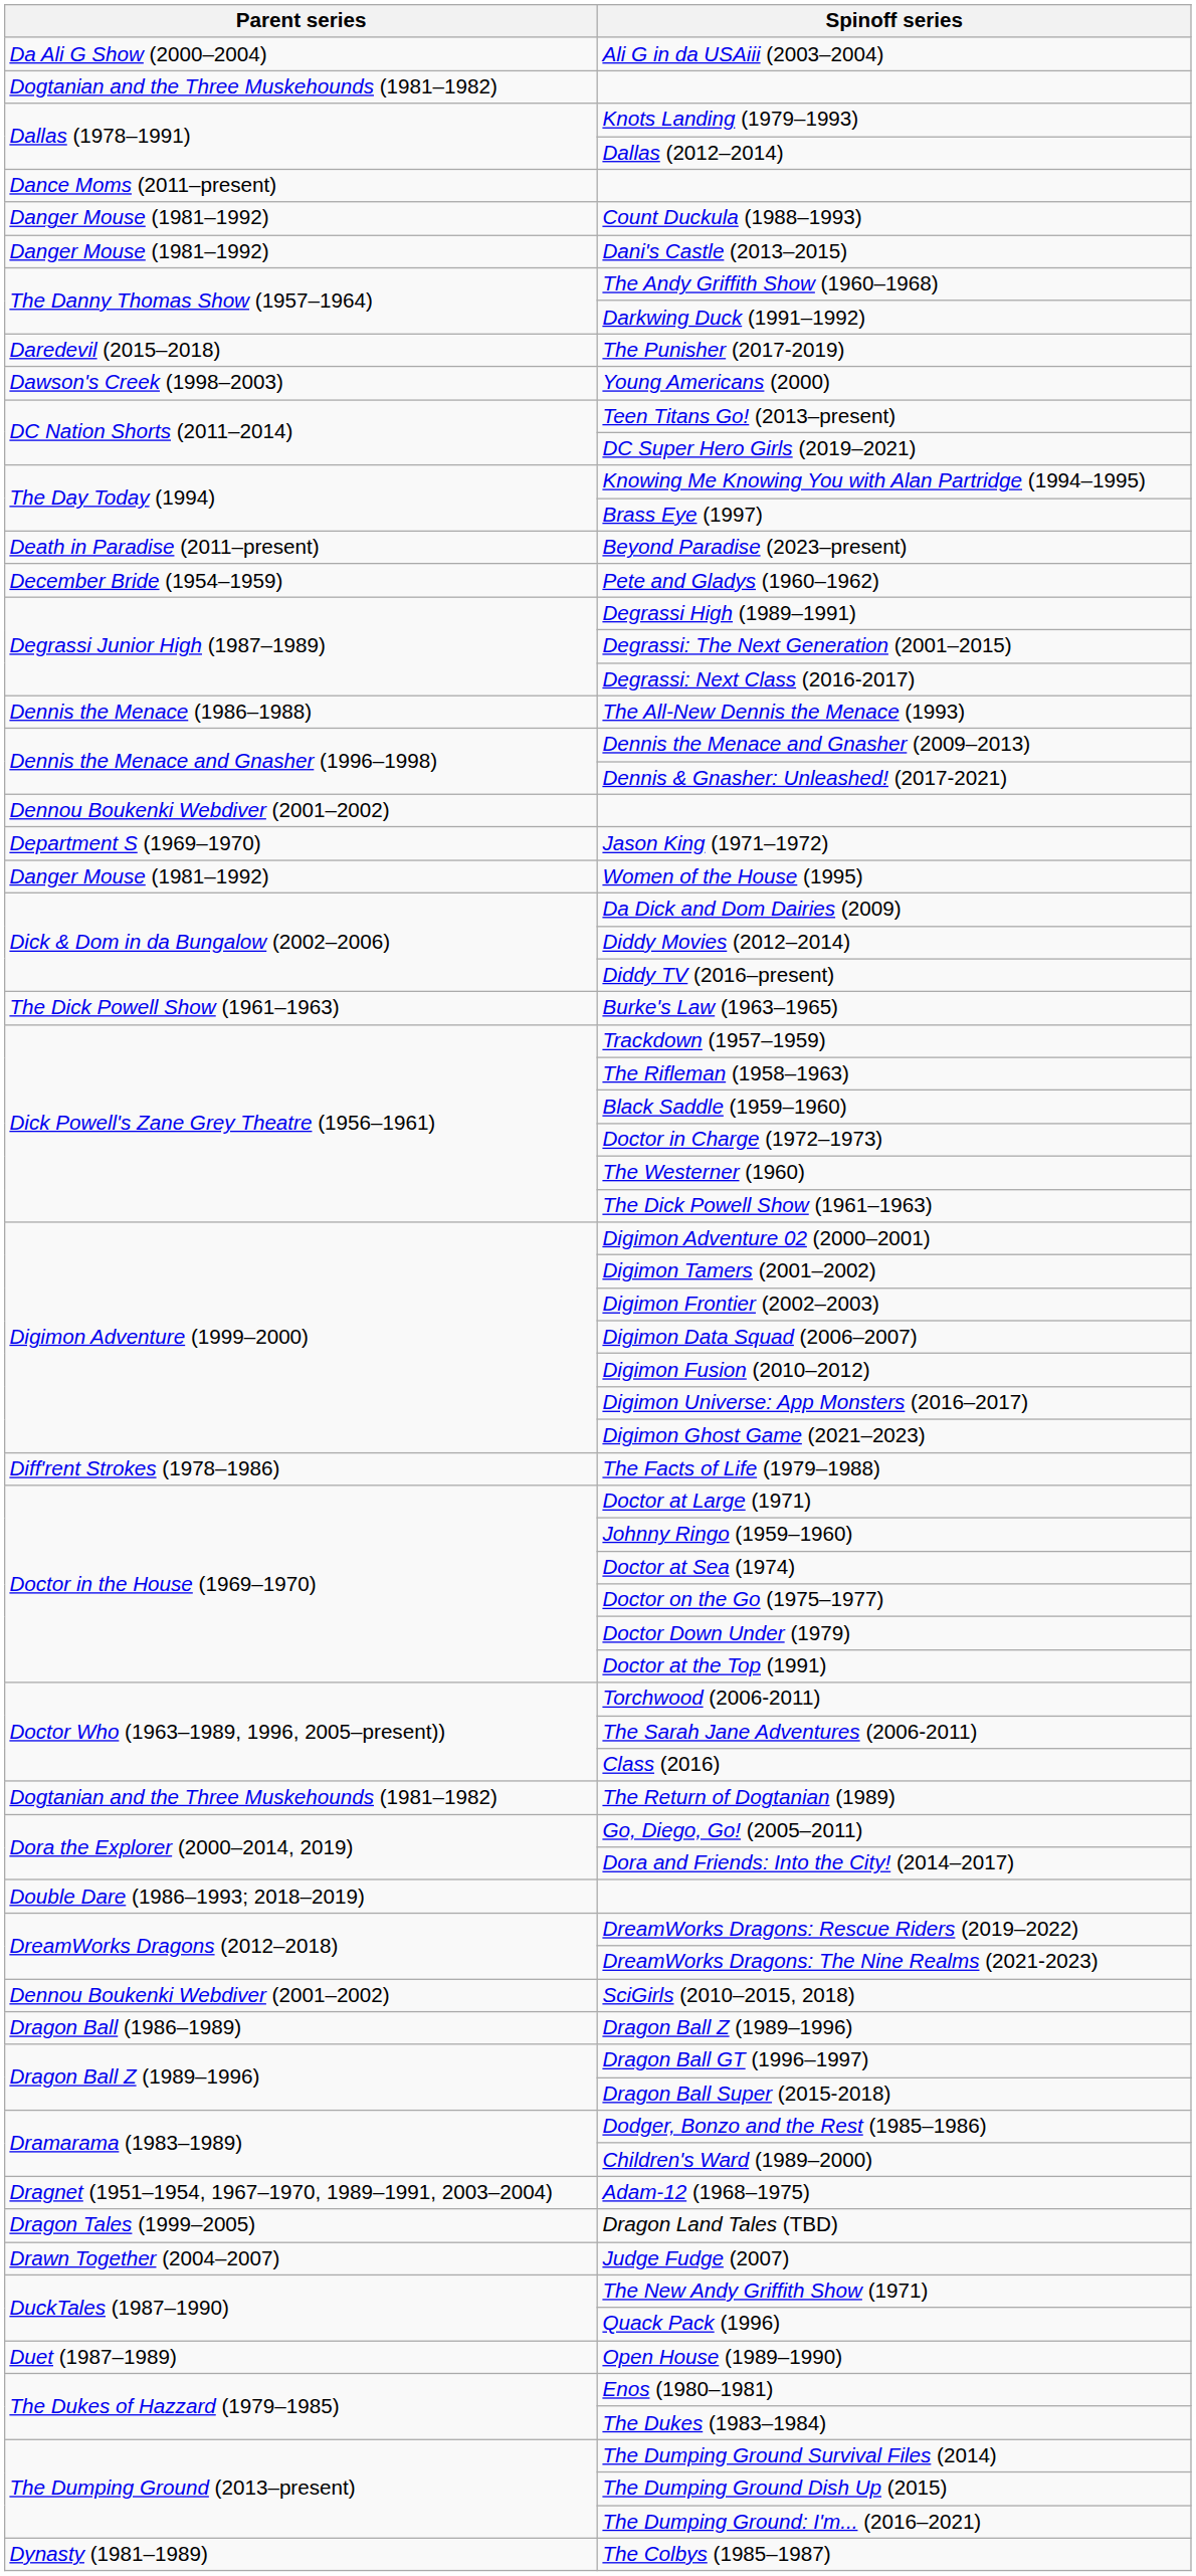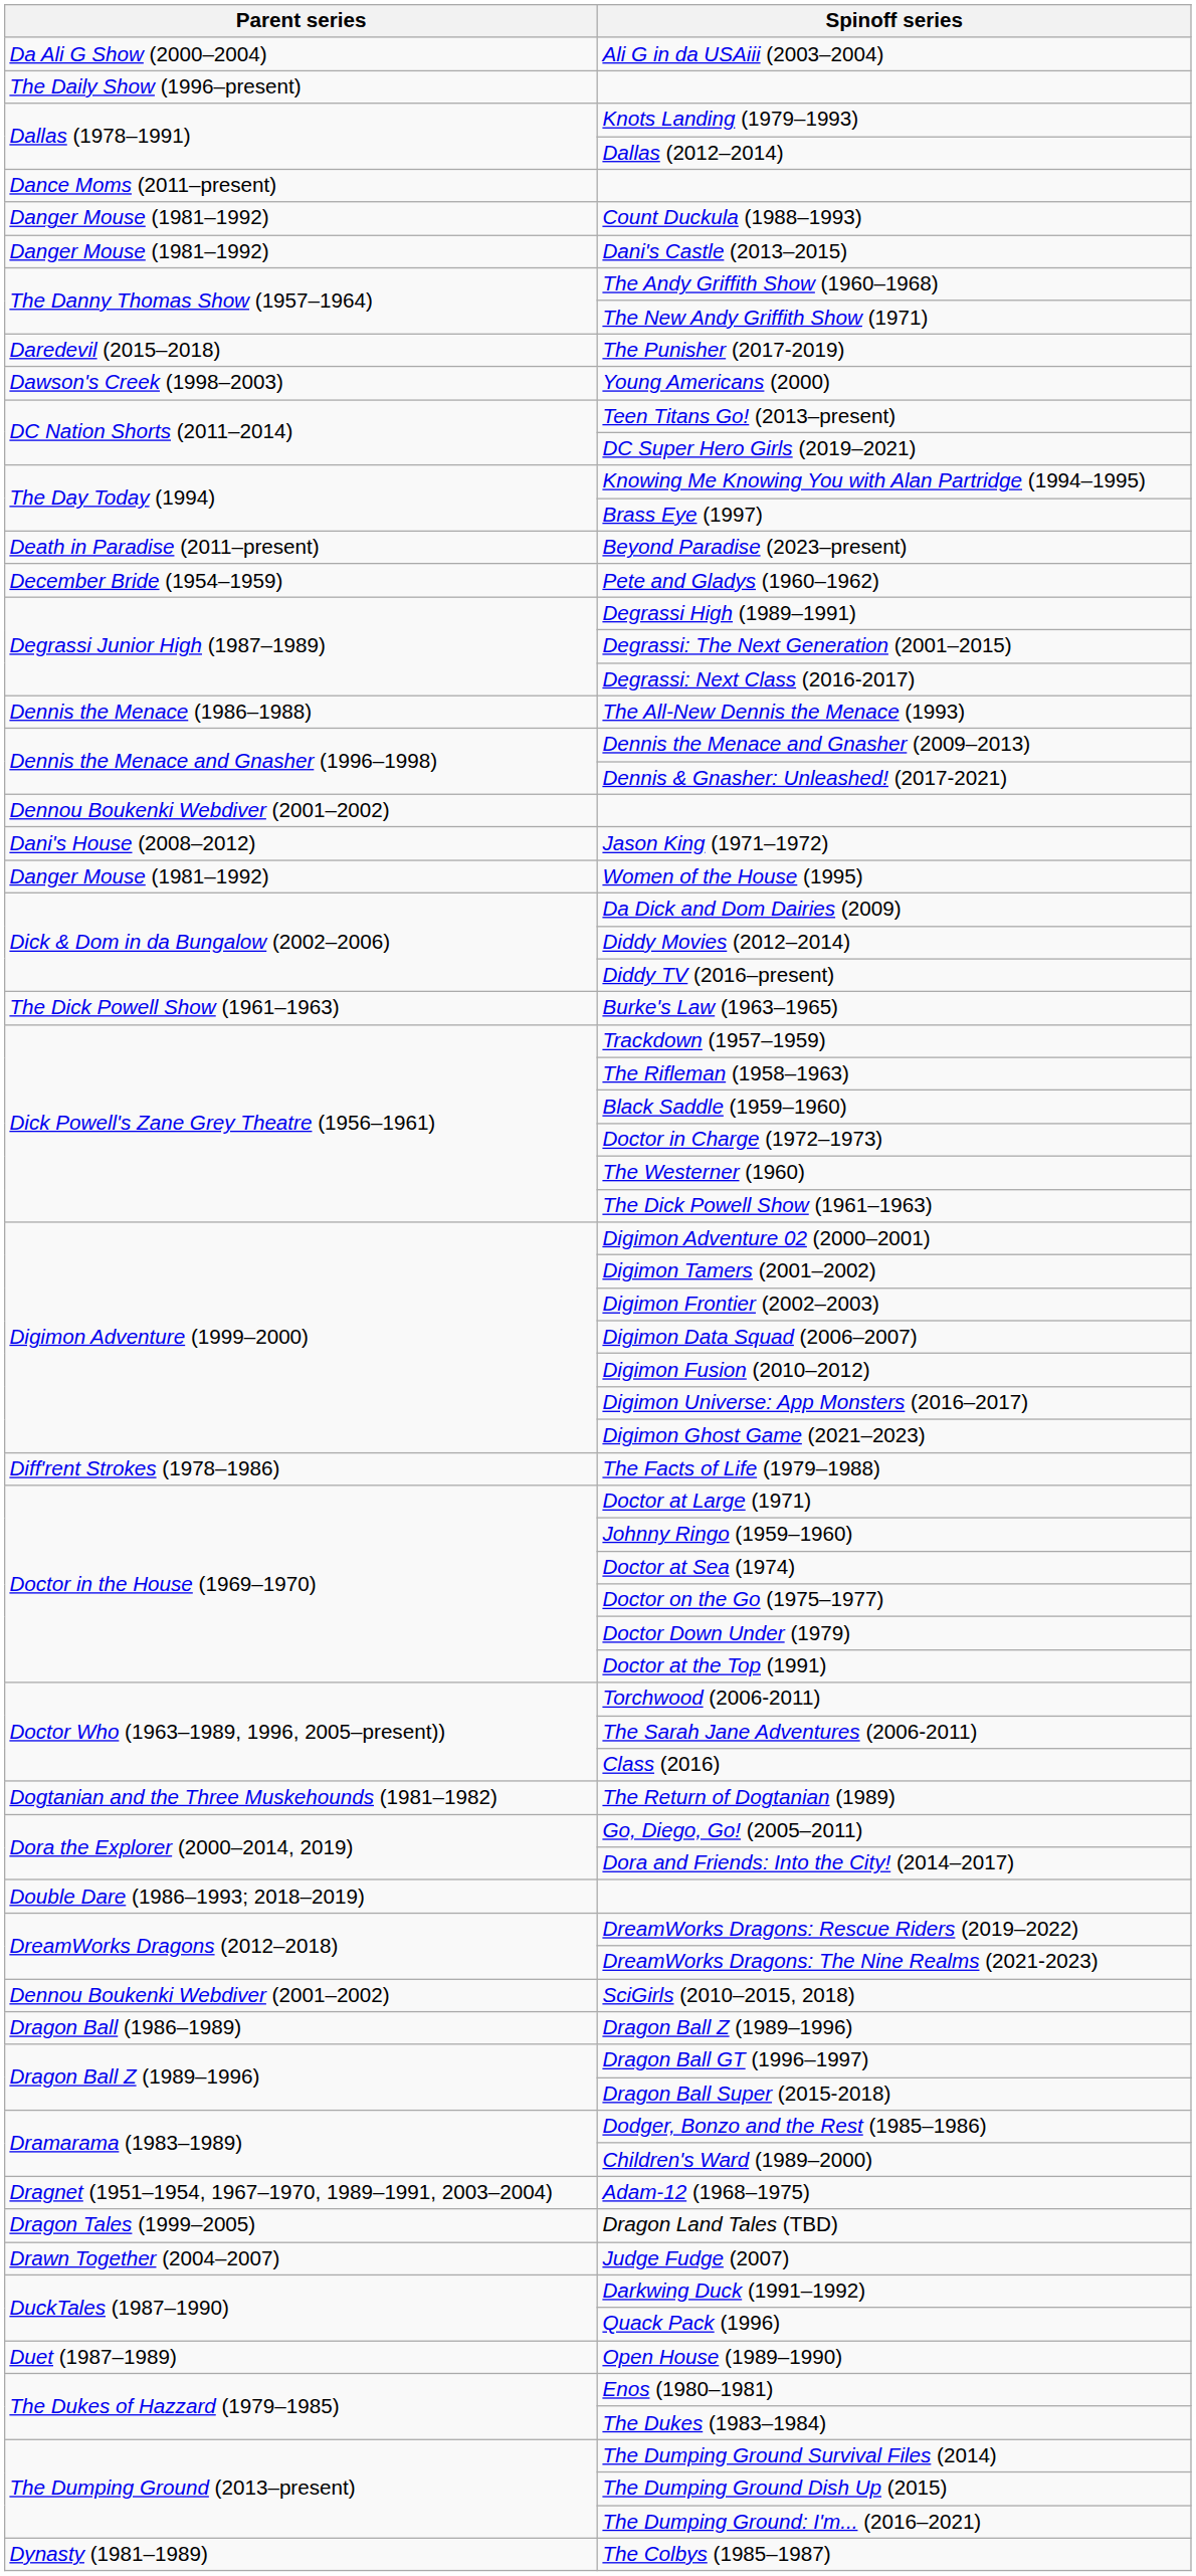 <table class="wikitable">
 <tr>
 <th width="450">Parent series</th>
 <th width="450">Spinoff series</th>
 </tr>
 <tr>
 <td><em><a href='#'>Da Ali G Show</a></em> (2000–2004)</td>
 <td><em><a href='#'>Ali G in da USAiii</a></em> (2003–2004)</td>
 </tr>
 <tr>
-<td><em><a href='#'>Dogtanian and the Three Muskehounds</a></em> (1981–1982)</td>
+<td><em><a href='#'>The Daily Show</a></em> (1996–present)</td>
 <td></td>
 </tr>
 <tr>
 <td rowspan="2"><em><a href='#'>Dallas</a></em> (1978–1991)</td>
 <td><em><a href='#'>Knots Landing</a></em> (1979–1993)</td>
 </tr>
 <tr>
 <td><em><a href='#'>Dallas</a></em> (2012–2014)</td>
 </tr>
 <tr>
 <td><em><a href='#'>Dance Moms</a></em> (2011–present)</td>
 <td></td>
 </tr>
 <tr>
 <td><em><a href='#'>Danger Mouse</a></em> (1981–1992)</td>
 <td><em><a href='#'>Count Duckula</a></em> (1988–1993)</td>
 </tr>
 <tr>
 <td><em><a href='#'>Danger Mouse</a></em> (1981–1992)</td>
 <td><em><a href='#'>Dani's Castle</a></em> (2013–2015)</td>
 </tr>
 <tr>
 <td rowspan="2"><em><a href='#'>The Danny Thomas Show</a></em> (1957–1964)</td>
 <td><em><a href='#'>The Andy Griffith Show</a></em> (1960–1968)</td>
 </tr>
 <tr>
-<td><em><a href='#'>Darkwing Duck</a></em> (1991–1992)</td>
+<td><em><a href='#'>The New Andy Griffith Show</a></em> (1971)</td>
 </tr>
 <tr>
 <td><em><a href='#'>Daredevil</a></em> (2015–2018)</td>
 <td><em><a href='#'>The Punisher</a></em> (2017-2019)</td>
 </tr>
 <tr>
 <td><em><a href='#'>Dawson's Creek</a></em> (1998–2003)</td>
 <td><em><a href='#'>Young Americans</a></em> (2000)</td>
 </tr>
 <tr>
 <td rowspan="2"><em><a href='#'>DC Nation Shorts</a></em> (2011–2014)</td>
 <td><em><a href='#'>Teen Titans Go!</a></em> (2013–present)</td>
 </tr>
 <tr>
 <td><em><a href='#'>DC Super Hero Girls</a></em> (2019–2021)</td>
 </tr>
 <tr>
 <td rowspan="2"><em><a href='#'>The Day Today</a></em> (1994)</td>
 <td><em><a href='#'>Knowing Me Knowing You with Alan Partridge</a></em> (1994–1995)</td>
 </tr>
 <tr>
 <td><em><a href='#'>Brass Eye</a></em> (1997)</td>
 </tr>
 <tr>
 <td><em><a href='#'>Death in Paradise</a></em> (2011–present)</td>
 <td><em><a href='#'>Beyond Paradise</a></em> (2023–present)</td>
 </tr>
 <tr>
 <td><em><a href='#'>December Bride</a></em> (1954–1959)</td>
 <td><em><a href='#'>Pete and Gladys</a></em> (1960–1962)</td>
 </tr>
 <tr>
 <td rowspan="3"><em><a href='#'>Degrassi Junior High</a></em> (1987–1989)</td>
 <td><em><a href='#'>Degrassi High</a></em> (1989–1991)</td>
 </tr>
 <tr>
 <td><em><a href='#'>Degrassi: The Next Generation</a></em> (2001–2015)</td>
 </tr>
 <tr>
 <td><em><a href='#'>Degrassi: Next Class</a></em> (2016-2017)</td>
 </tr>
 <tr>
 <td><em><a href='#'>Dennis the Menace</a></em> (1986–1988)</td>
 <td><em><a href='#'>The All-New Dennis the Menace</a></em> (1993)</td>
 </tr>
 <tr>
 <td rowspan="2"><em><a href='#'>Dennis the Menace and Gnasher</a></em> (1996–1998)</td>
 <td><em><a href='#'>Dennis the Menace and Gnasher</a></em> (2009–2013)</td>
 </tr>
 <tr>
 <td><em><a href='#'>Dennis & Gnasher: Unleashed!</a></em> (2017-2021)</td>
 </tr>
 <tr>
 <td><em><a href='#'>Dennou Boukenki Webdiver</a></em> (2001–2002)</td>
 <td></td>
 </tr>
 <tr>
-<td><em><a href='#'>Department S</a></em> (1969–1970)</td>
+<td><em><a href='#'>Dani's House</a></em> (2008–2012)</td>
 <td><em><a href='#'>Jason King</a></em> (1971–1972)</td>
 </tr>
 <tr>
 <td><em><a href='#'>Danger Mouse</a></em> (1981–1992)</td>
 <td><em><a href='#'>Women of the House</a></em> (1995)</td>
 </tr>
 <tr>
 <td rowspan="3"><em><a href='#'>Dick & Dom in da Bungalow</a></em> (2002–2006)</td>
 <td><em><a href='#'>Da Dick and Dom Dairies</a></em> (2009)</td>
 </tr>
 <tr>
 <td><em><a href='#'>Diddy Movies</a></em> (2012–2014)</td>
 </tr>
 <tr>
 <td><em><a href='#'>Diddy TV</a></em> (2016–present)</td>
 </tr>
 <tr>
 <td><em><a href='#'>The Dick Powell Show</a></em> (1961–1963)</td>
 <td><em><a href='#'>Burke's Law</a></em> (1963–1965)</td>
 </tr>
 <tr>
 <td rowspan="6"><em><a href='#'>Dick Powell's Zane Grey Theatre</a></em> (1956–1961)</td>
 <td><em><a href='#'>Trackdown</a></em> (1957–1959)</td>
 </tr>
 <tr>
 <td><em><a href='#'>The Rifleman</a></em> (1958–1963)</td>
 </tr>
 <tr>
 <td><em><a href='#'>Black Saddle</a></em> (1959–1960)</td>
 </tr>
 <tr>
 <td><em><a href='#'>Doctor in Charge</a></em> (1972–1973)</td>
 </tr>
 <tr>
 <td><em><a href='#'>The Westerner</a></em> (1960)</td>
 </tr>
 <tr>
 <td><em><a href='#'>The Dick Powell Show</a></em> (1961–1963)</td>
 </tr>
 <tr>
 <td rowspan="7"><em><a href='#'>Digimon Adventure</a></em> (1999–2000)</td>
 <td><em><a href='#'>Digimon Adventure 02</a></em> (2000–2001)</td>
 </tr>
 <tr>
 <td><em><a href='#'>Digimon Tamers</a></em> (2001–2002)</td>
 </tr>
 <tr>
 <td><em><a href='#'>Digimon Frontier</a></em> (2002–2003)</td>
 </tr>
 <tr>
 <td><em><a href='#'>Digimon Data Squad</a></em> (2006–2007)</td>
 </tr>
 <tr>
 <td><em><a href='#'>Digimon Fusion</a></em> (2010–2012)</td>
 </tr>
 <tr>
 <td><em><a href='#'>Digimon Universe: App Monsters</a></em> (2016–2017)</td>
 </tr>
 <tr>
 <td><em><a href='#'>Digimon Ghost Game</a></em> (2021–2023)</td>
 </tr>
 <tr>
 <td><em><a href='#'>Diff'rent Strokes</a></em> (1978–1986)</td>
 <td><em><a href='#'>The Facts of Life</a></em> (1979–1988)</td>
 </tr>
 <tr>
 <td rowspan="6"><em><a href='#'>Doctor in the House</a></em> (1969–1970)</td>
 <td><em><a href='#'>Doctor at Large</a></em> (1971)</td>
 </tr>
 <tr>
 <td><em><a href='#'>Johnny Ringo</a></em> (1959–1960)</td>
 </tr>
 <tr>
 <td><em><a href='#'>Doctor at Sea</a></em> (1974)</td>
 </tr>
 <tr>
 <td><em><a href='#'>Doctor on the Go</a></em> (1975–1977)</td>
 </tr>
 <tr>
 <td><em><a href='#'>Doctor Down Under</a></em> (1979)</td>
 </tr>
 <tr>
 <td><em><a href='#'>Doctor at the Top</a></em> (1991)</td>
 </tr>
 <tr>
 <td rowspan="3"><em><a href='#'>Doctor Who</a></em> (1963–1989, 1996, 2005–present))</td>
 <td><em><a href='#'>Torchwood</a></em> (2006-2011)</td>
 </tr>
 <tr>
 <td><em><a href='#'>The Sarah Jane Adventures</a></em> (2006-2011)</td>
 </tr>
 <tr>
 <td><em><a href='#'>Class</a></em> (2016)</td>
 </tr>
 <tr>
 <td><em><a href='#'>Dogtanian and the Three Muskehounds</a></em> (1981–1982)</td>
 <td><em><a href='#'>The Return of Dogtanian</a></em> (1989)</td>
 </tr>
 <tr>
 <td rowspan="2"><em><a href='#'>Dora the Explorer</a></em> (2000–2014, 2019)</td>
 <td><em><a href='#'>Go, Diego, Go!</a></em> (2005–2011)</td>
 </tr>
 <tr>
 <td><em><a href='#'>Dora and Friends: Into the City!</a></em> (2014–2017)</td>
 </tr>
 <tr>
 <td><em><a href='#'>Double Dare</a></em> (1986–1993; 2018–2019)</td>
 <td></td>
 </tr>
 <tr>
 <td rowspan="2"><em><a href='#'>DreamWorks Dragons</a></em> (2012–2018)</td>
 <td><em><a href='#'>DreamWorks Dragons: Rescue Riders</a></em> (2019–2022)</td>
 </tr>
 <tr>
 <td><em><a href='#'>DreamWorks Dragons: The Nine Realms</a></em> (2021-2023)</td>
 </tr>
 <tr>
 <td><em><a href='#'>Dennou Boukenki Webdiver</a></em> (2001–2002)</td>
 <td><em><a href='#'>SciGirls</a></em> (2010–2015, 2018)</td>
 </tr>
 <tr>
 <td><em><a href='#'>Dragon Ball</a></em> (1986–1989)</td>
 <td><em><a href='#'>Dragon Ball Z</a></em> (1989–1996)</td>
 </tr>
 <tr>
 <td rowspan="2"><em><a href='#'>Dragon Ball Z</a></em> (1989–1996)</td>
 <td><em><a href='#'>Dragon Ball GT</a></em> (1996–1997)</td>
 </tr>
 <tr>
 <td><em><a href='#'>Dragon Ball Super</a></em> (2015-2018)</td>
 </tr>
 <tr>
 <td rowspan="2"><em><a href='#'>Dramarama</a></em> (1983–1989)</td>
 <td><em><a href='#'>Dodger, Bonzo and the Rest</a></em> (1985–1986)</td>
 </tr>
 <tr>
 <td><em><a href='#'>Children's Ward</a></em> (1989–2000)</td>
 </tr>
 <tr>
 <td><em><a href='#'>Dragnet</a></em> (1951–1954, 1967–1970, 1989–1991, 2003–2004)</td>
 <td><em><a href='#'>Adam-12</a></em> (1968–1975)</td>
 </tr>
 <tr>
 <td><em><a href='#'>Dragon Tales</a></em> (1999–2005)</td>
 <td><em>Dragon Land Tales</em> (TBD)</td>
 </tr>
 <tr>
 <td><em><a href='#'>Drawn Together</a></em> (2004–2007)</td>
 <td><em><a href='#'>Judge Fudge</a></em> (2007)</td>
 </tr>
 <tr>
 <td rowspan="2"><em><a href='#'>DuckTales</a></em> (1987–1990)</td>
-<td><em><a href='#'>The New Andy Griffith Show</a></em> (1971)</td>
+<td><em><a href='#'>Darkwing Duck</a></em> (1991–1992)</td>
 </tr>
 <tr>
 <td><em><a href='#'>Quack Pack</a></em> (1996)</td>
 </tr>
 <tr>
 <td><em><a href='#'>Duet</a></em> (1987–1989)</td>
 <td><em><a href='#'>Open House</a></em> (1989–1990)</td>
 </tr>
 <tr>
 <td rowspan="2"><em><a href='#'>The Dukes of Hazzard</a></em> (1979–1985)</td>
 <td><em><a href='#'>Enos</a></em> (1980–1981)</td>
 </tr>
 <tr>
 <td><em><a href='#'>The Dukes</a></em> (1983–1984)</td>
 </tr>
 <tr>
 <td rowspan="3"><em><a href='#'>The Dumping Ground</a></em> (2013–present)</td>
 <td><em><a href='#'>The Dumping Ground Survival Files</a></em> (2014)</td>
 </tr>
 <tr>
 <td><em><a href='#'>The Dumping Ground Dish Up</a></em> (2015)</td>
 </tr>
 <tr>
 <td><em><a href='#'>The Dumping Ground: I'm...</a></em> (2016–2021)</td>
 </tr>
 <tr>
 <td><em><a href='#'>Dynasty</a></em> (1981–1989)</td>
 <td><em><a href='#'>The Colbys</a></em> (1985–1987)</td>
 </tr>
 </table>
